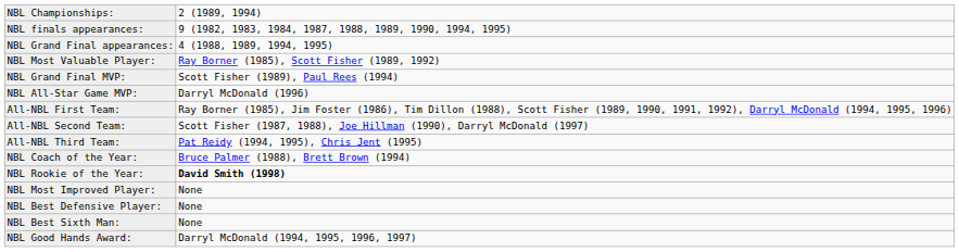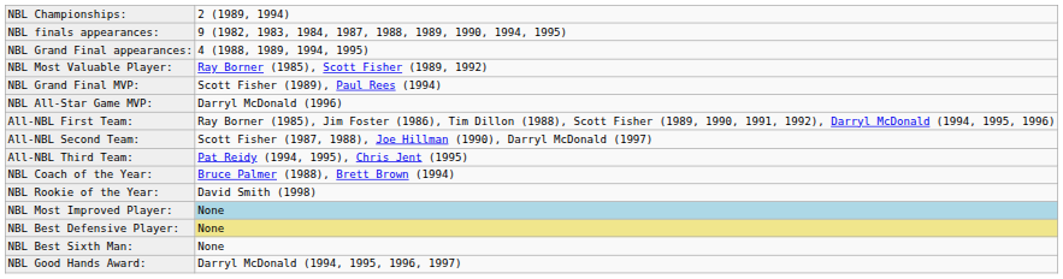 <table class="wikitable">
 <tr align=left>
 <td style="background:#efefef;">NBL Championships:</td>
 <td>2 (1989, 1994)</td>
 </tr>
 <tr>
 <td style="background:#efefef;">NBL finals appearances:</td>
 <td>9 (1982, 1983, 1984, 1987, 1988, 1989, 1990, 1994, 1995)</td>
 </tr>
 <tr>
 <td style="background:#efefef;">NBL Grand Final appearances:</td>
 <td>4 (1988, 1989, 1994, 1995)</td>
 </tr>
 <tr>
 <td style="background:#efefef;">NBL Most Valuable Player:</td>
 <td><a href='#'>Ray Borner</a> (1985), <a href='#'>Scott Fisher</a> (1989, 1992)</td>
 </tr>
 <tr>
 <td style="background:#efefef;">NBL Grand Final MVP:</td>
 <td>Scott Fisher (1989), <a href='#'>Paul Rees</a> (1994)</td>
 </tr>
 <tr>
 <td style="background:#efefef;">NBL All-Star Game MVP:</td>
 <td>Darryl McDonald (1996)</td>
 </tr>
 <tr>
 <td style="background:#efefef;">All-NBL First Team:</td>
 <td>Ray Borner (1985), Jim Foster (1986), Tim Dillon (1988), Scott Fisher (1989, 1990, 1991, 1992), <a href='#'>Darryl McDonald</a> (1994, 1995, 1996)</td>
 </tr>
 <tr>
 <td style="background:#efefef;">All-NBL Second Team:</td>
 <td>Scott Fisher (1987, 1988), <a href='#'>Joe Hillman</a> (1990), Darryl McDonald (1997)</td>
 </tr>
 <tr>
 <td style="background:#efefef;">All-NBL Third Team:</td>
 <td><a href='#'>Pat Reidy</a> (1994, 1995), <a href='#'>Chris Jent</a> (1995)</td>
 </tr>
 <tr>
 <td style="background:#efefef;">NBL Coach of the Year:</td>
 <td><a href='#'>Bruce Palmer</a> (1988), <a href='#'>Brett Brown</a> (1994)</td>
 </tr>
 <tr>
 <td style="background:#efefef;">NBL Rookie of the Year:</td>
-<td><strong>David Smith (1998)</strong></td>
+<td>David Smith (1998)</td>
 </tr>
 <tr>
 <td style="background:#efefef;">NBL Most Improved Player:</td>
-<td>None</td>
+<td style="background: lightblue;">None</td>
 </tr>
 <tr>
 <td style="background:#efefef;">NBL Best Defensive Player:</td>
-<td>None</td>
+<td style="background: khaki;">None</td>
 </tr>
 <tr>
 <td style="background:#efefef;">NBL Best Sixth Man:</td>
 <td>None</td>
 </tr>
 <tr>
 <td style="background:#efefef;">NBL Good Hands Award:</td>
 <td>Darryl McDonald (1994, 1995, 1996, 1997)</td>
 </tr>
 </table>
